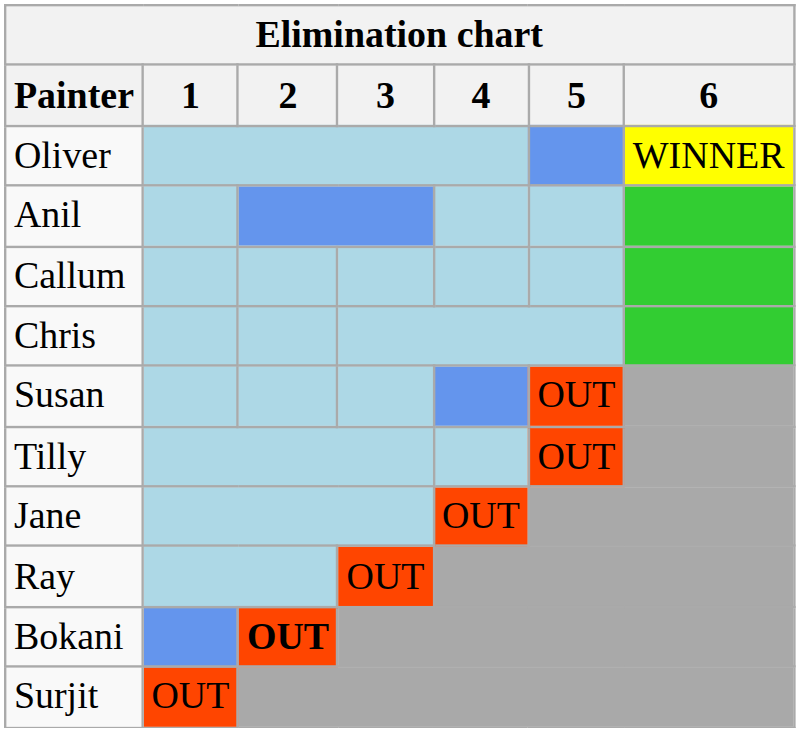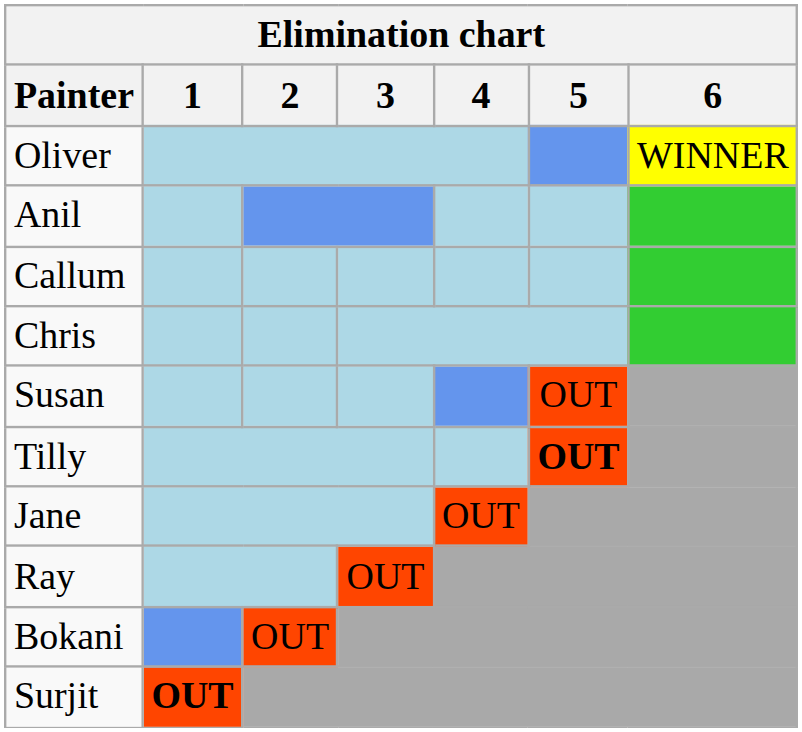 <table class="wikitable" style="text-align:center">
 <tr>
 <th colspan="12">Elimination chart</th>
 </tr>
 <tr>
 <th>Painter</th>
 <th>1</th>
 <th>2</th>
 <th>3</th>
 <th>4</th>
 <th>5</th>
 <th>6</th>
 </tr>
 <tr>
 <td style="text-align:left;">Oliver</td>
 <td colspan="4" style="background:Lightblue;"></td>
 <td style="background:Cornflowerblue;"></td>
 <td style="background:yellow;">WINNER</td>
 </tr>
 <tr>
 <td style="text-align:left;">Anil</td>
 <td style="background:Lightblue;"></td>
 <td colspan="2" style="background:Cornflowerblue;"></td>
 <td style="background:Lightblue;"></td>
 <td style="background:Lightblue;"></td>
 <td style="background:limegreen;"></td>
 </tr>
 <tr>
 <td style="text-align:left;">Callum</td>
 <td style="background:Lightblue;"></td>
 <td style="background:Lightblue;"></td>
 <td style="background:Lightblue;"></td>
 <td style="background:Lightblue;"></td>
 <td style="background:Lightblue;"></td>
 <td style="background:limegreen;"></td>
 </tr>
 <tr>
 <td style="text-align:left;">Chris</td>
 <td style="background:Lightblue;"></td>
 <td style="background:Lightblue;"></td>
 <td colspan="3" style="background:Lightblue;"></td>
 <td style="background:limegreen;"></td>
 </tr>
 <tr>
 <td style="text-align:left;">Susan</td>
 <td style="background:Lightblue;"></td>
 <td style="background:Lightblue;"></td>
 <td style="background:Lightblue;"></td>
 <td style="background:Cornflowerblue;"></td>
 <td style="background:orangered;">OUT</td>
 <td colspan="1" style="background:darkgrey;"></td>
 </tr>
 <tr>
 <td style="text-align:left;">Tilly</td>
 <td colspan="3" style="background:Lightblue;"></td>
 <td style="background:Lightblue;"></td>
-<td style="background:orangered;">OUT</td>
+<td style="background:orangered;"><strong>OUT</strong></td>
 <td colspan="1" style="background:darkgrey;"></td>
 </tr>
 <tr>
 <td style="text-align:left;">Jane</td>
 <td style="background:Lightblue;" colspan="3"></td>
 <td style="background:orangered;">OUT</td>
 <td colspan="2" style="background:darkgrey;"></td>
 </tr>
 <tr>
 <td style="text-align:left;">Ray</td>
 <td colspan="2" style="background:Lightblue;"></td>
 <td style="background:orangered;">OUT</td>
 <td colspan="3" style="background:darkgrey;"></td>
 </tr>
 <tr>
 <td style="text-align:left;">Bokani</td>
 <td style="background:Cornflowerblue;"></td>
-<td style="background:orangered;"><strong>OUT</strong></td>
+<td style="background:orangered;">OUT</td>
 <td colspan="4" style="background:darkgrey;"></td>
 </tr>
 <tr>
 <td style="text-align:left;">Surjit</td>
-<td style="background:orangered;">OUT</td>
+<td style="background:orangered;"><strong>OUT</strong></td>
 <td colspan="5" style="background:darkgrey;"></td>
 </tr>
 </table>
